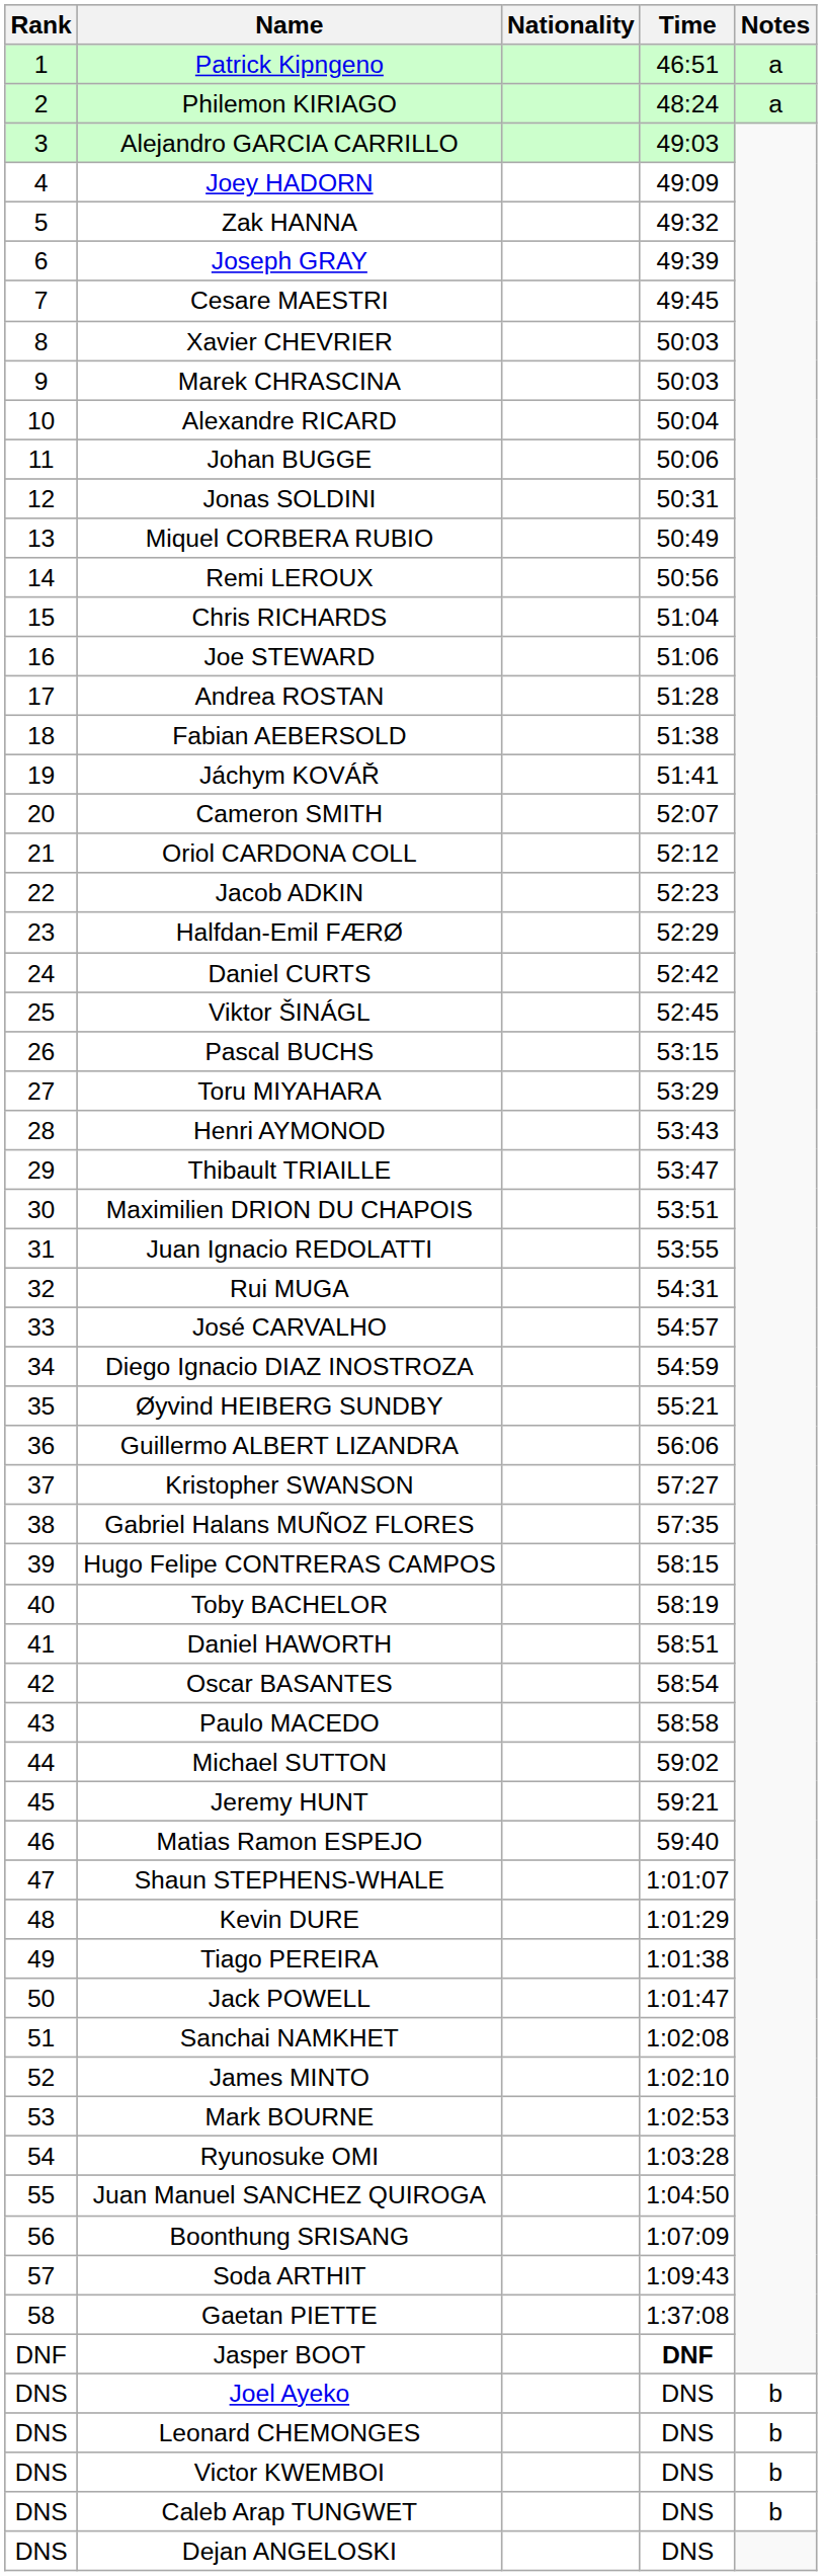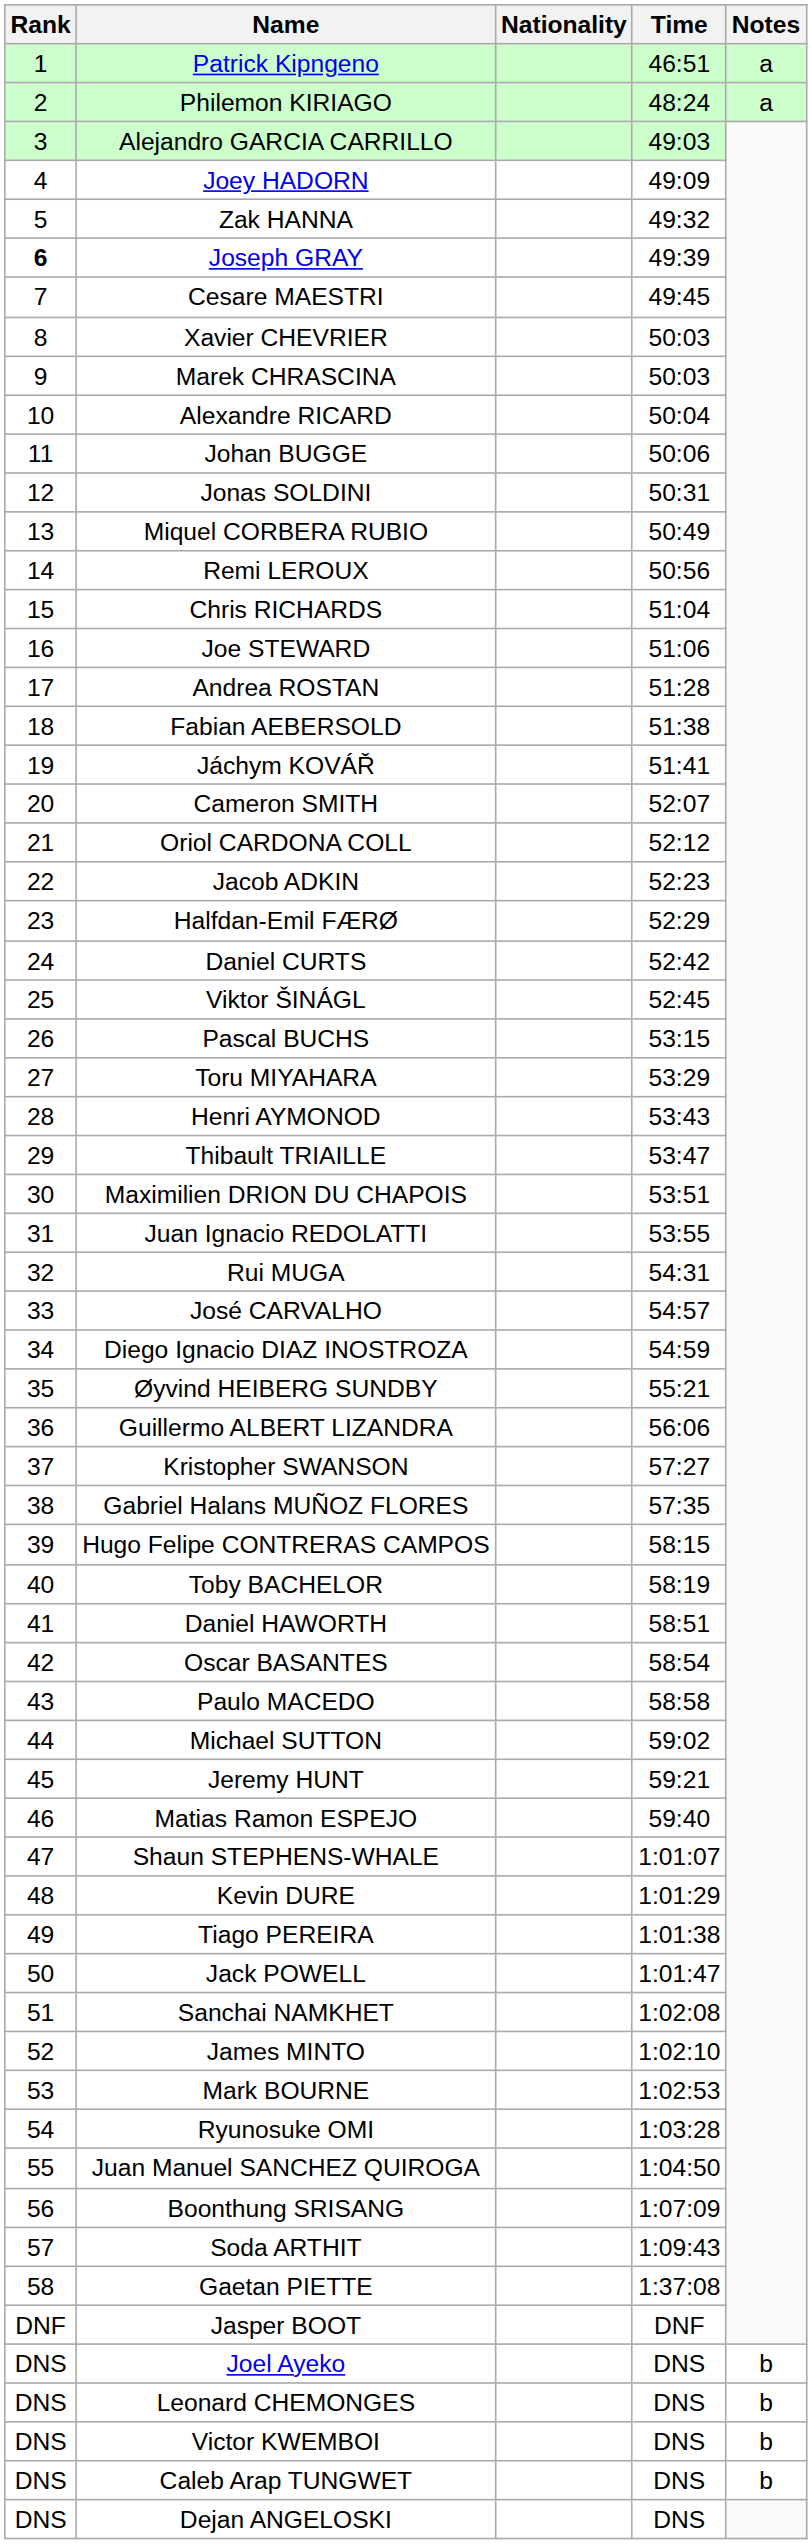 <table class="wikitable sortable" style="text-align:center;font-size:95%">
 <tr>
 <th>Rank</th>
 <th>Name</th>
 <th>Nationality</th>
 <th>Time</th>
 <th>Notes</th>
 </tr>
 <tr bgcolor=ccffcc>
 <td>1</td>
 <td><a href='#'>Patrick Kipngeno</a></td>
 <td></td>
 <td>46:51</td>
 <td>a</td>
 </tr>
 <tr bgcolor=ccffcc>
 <td>2</td>
 <td>Philemon KIRIAGO</td>
 <td></td>
 <td>48:24</td>
 <td>a</td>
 </tr>
 <tr bgcolor=ccffcc>
 <td>3</td>
 <td>Alejandro GARCIA CARRILLO</td>
 <td></td>
 <td>49:03</td>
 </tr>
 <tr bgcolor=FFFFFF>
 <td>4</td>
 <td><a href='#'>Joey HADORN</a></td>
 <td></td>
 <td>49:09</td>
 </tr>
 <tr bgcolor=FFFFFF>
 <td>5</td>
 <td>Zak HANNA</td>
 <td></td>
 <td>49:32</td>
 </tr>
 <tr bgcolor=FFFFFF>
-<td>6</td>
+<td><strong>6</strong></td>
 <td><a href='#'>Joseph GRAY</a></td>
 <td></td>
 <td>49:39</td>
 </tr>
 <tr bgcolor=FFFFFF>
 <td>7</td>
 <td>Cesare MAESTRI</td>
 <td></td>
 <td>49:45</td>
 </tr>
 <tr bgcolor=FFFFFF>
 <td>8</td>
 <td>Xavier CHEVRIER</td>
 <td></td>
 <td>50:03</td>
 </tr>
 <tr bgcolor=FFFFFF>
 <td>9</td>
 <td>Marek CHRASCINA</td>
 <td></td>
 <td>50:03</td>
 </tr>
 <tr bgcolor=FFFFFF>
 <td>10</td>
 <td>Alexandre RICARD</td>
 <td></td>
 <td>50:04</td>
 </tr>
 <tr bgcolor=FFFFFF>
 <td>11</td>
 <td>Johan BUGGE</td>
 <td></td>
 <td>50:06</td>
 </tr>
 <tr bgcolor=FFFFFF>
 <td>12</td>
 <td>Jonas SOLDINI</td>
 <td></td>
 <td>50:31</td>
 </tr>
 <tr bgcolor=FFFFFF>
 <td>13</td>
 <td>Miquel CORBERA RUBIO</td>
 <td></td>
 <td>50:49</td>
 </tr>
 <tr bgcolor=FFFFFF>
 <td>14</td>
 <td>Remi LEROUX</td>
 <td></td>
 <td>50:56</td>
 </tr>
 <tr bgcolor=FFFFFF>
 <td>15</td>
 <td>Chris RICHARDS</td>
 <td></td>
 <td>51:04</td>
 </tr>
 <tr bgcolor=FFFFFF>
 <td>16</td>
 <td>Joe STEWARD</td>
 <td></td>
 <td>51:06</td>
 </tr>
 <tr bgcolor=FFFFFF>
 <td>17</td>
 <td>Andrea ROSTAN</td>
 <td></td>
 <td>51:28</td>
 </tr>
 <tr bgcolor=FFFFFF>
 <td>18</td>
 <td>Fabian AEBERSOLD</td>
 <td></td>
 <td>51:38</td>
 </tr>
 <tr bgcolor=FFFFFF>
 <td>19</td>
 <td>Jáchym KOVÁŘ</td>
 <td></td>
 <td>51:41</td>
 </tr>
 <tr bgcolor=FFFFFF>
 <td>20</td>
 <td>Cameron SMITH</td>
 <td></td>
 <td>52:07</td>
 </tr>
 <tr bgcolor=FFFFFF>
 <td>21</td>
 <td>Oriol CARDONA COLL</td>
 <td></td>
 <td>52:12</td>
 </tr>
 <tr bgcolor=FFFFFF>
 <td>22</td>
 <td>Jacob ADKIN</td>
 <td></td>
 <td>52:23</td>
 </tr>
 <tr bgcolor=FFFFFF>
 <td>23</td>
 <td>Halfdan-Emil FÆRØ</td>
 <td></td>
 <td>52:29</td>
 </tr>
 <tr bgcolor=FFFFFF>
 <td>24</td>
 <td>Daniel CURTS</td>
 <td></td>
 <td>52:42</td>
 </tr>
 <tr bgcolor=FFFFFF>
 <td>25</td>
 <td>Viktor ŠINÁGL</td>
 <td></td>
 <td>52:45</td>
 </tr>
 <tr bgcolor=FFFFFF>
 <td>26</td>
 <td>Pascal BUCHS</td>
 <td></td>
 <td>53:15</td>
 </tr>
 <tr bgcolor=FFFFFF>
 <td>27</td>
 <td>Toru MIYAHARA</td>
 <td></td>
 <td>53:29</td>
 </tr>
 <tr bgcolor=FFFFFF>
 <td>28</td>
 <td>Henri AYMONOD</td>
 <td></td>
 <td>53:43</td>
 </tr>
 <tr bgcolor=FFFFFF>
 <td>29</td>
 <td>Thibault TRIAILLE</td>
 <td></td>
 <td>53:47</td>
 </tr>
 <tr bgcolor=FFFFFF>
 <td>30</td>
 <td>Maximilien DRION DU CHAPOIS</td>
 <td></td>
 <td>53:51</td>
 </tr>
 <tr bgcolor=FFFFFF>
 <td>31</td>
 <td>Juan Ignacio REDOLATTI</td>
 <td></td>
 <td>53:55</td>
 </tr>
 <tr bgcolor=FFFFFF>
 <td>32</td>
 <td>Rui MUGA</td>
 <td></td>
 <td>54:31</td>
 </tr>
 <tr bgcolor=FFFFFF>
 <td>33</td>
 <td>José CARVALHO</td>
 <td></td>
 <td>54:57</td>
 </tr>
 <tr bgcolor=FFFFFF>
 <td>34</td>
 <td>Diego Ignacio DIAZ INOSTROZA</td>
 <td></td>
 <td>54:59</td>
 </tr>
 <tr bgcolor=FFFFFF>
 <td>35</td>
 <td>Øyvind HEIBERG SUNDBY</td>
 <td></td>
 <td>55:21</td>
 </tr>
 <tr bgcolor=FFFFFF>
 <td>36</td>
 <td>Guillermo ALBERT LIZANDRA</td>
 <td></td>
 <td>56:06</td>
 </tr>
 <tr bgcolor=FFFFFF>
 <td>37</td>
 <td>Kristopher SWANSON</td>
 <td></td>
 <td>57:27</td>
 </tr>
 <tr bgcolor=FFFFFF>
 <td>38</td>
 <td>Gabriel Halans MUÑOZ FLORES</td>
 <td></td>
 <td>57:35</td>
 </tr>
 <tr bgcolor=FFFFFF>
 <td>39</td>
 <td>Hugo Felipe CONTRERAS CAMPOS</td>
 <td></td>
 <td>58:15</td>
 </tr>
 <tr bgcolor=FFFFFF>
 <td>40</td>
 <td>Toby BACHELOR</td>
 <td></td>
 <td>58:19</td>
 </tr>
 <tr bgcolor=FFFFFF>
 <td>41</td>
 <td>Daniel HAWORTH</td>
 <td></td>
 <td>58:51</td>
 </tr>
 <tr bgcolor=FFFFFF>
 <td>42</td>
 <td>Oscar BASANTES</td>
 <td></td>
 <td>58:54</td>
 </tr>
 <tr bgcolor=FFFFFF>
 <td>43</td>
 <td>Paulo MACEDO</td>
 <td></td>
 <td>58:58</td>
 </tr>
 <tr bgcolor=FFFFFF>
 <td>44</td>
 <td>Michael SUTTON</td>
 <td></td>
 <td>59:02</td>
 </tr>
 <tr bgcolor=FFFFFF>
 <td>45</td>
 <td>Jeremy HUNT</td>
 <td></td>
 <td>59:21</td>
 </tr>
 <tr bgcolor=FFFFFF>
 <td>46</td>
 <td>Matias Ramon ESPEJO</td>
 <td></td>
 <td>59:40</td>
 </tr>
 <tr bgcolor=FFFFFF>
 <td>47</td>
 <td>Shaun STEPHENS-WHALE</td>
 <td></td>
 <td>1:01:07</td>
 </tr>
 <tr bgcolor=FFFFFF>
 <td>48</td>
 <td>Kevin DURE</td>
 <td></td>
 <td>1:01:29</td>
 </tr>
 <tr bgcolor=FFFFFF>
 <td>49</td>
 <td>Tiago PEREIRA</td>
 <td></td>
 <td>1:01:38</td>
 </tr>
 <tr bgcolor=FFFFFF>
 <td>50</td>
 <td>Jack POWELL</td>
 <td></td>
 <td>1:01:47</td>
 </tr>
 <tr bgcolor=FFFFFF>
 <td>51</td>
 <td>Sanchai NAMKHET</td>
 <td></td>
 <td>1:02:08</td>
 </tr>
 <tr bgcolor=FFFFFF>
 <td>52</td>
 <td>James MINTO</td>
 <td></td>
 <td>1:02:10</td>
 </tr>
 <tr bgcolor=FFFFFF>
 <td>53</td>
 <td>Mark BOURNE</td>
 <td></td>
 <td>1:02:53</td>
 </tr>
 <tr bgcolor=FFFFFF>
 <td>54</td>
 <td>Ryunosuke OMI</td>
 <td></td>
 <td>1:03:28</td>
 </tr>
 <tr bgcolor=FFFFFF>
 <td>55</td>
 <td>Juan Manuel SANCHEZ QUIROGA</td>
 <td></td>
 <td>1:04:50</td>
 </tr>
 <tr bgcolor=FFFFFF>
 <td>56</td>
 <td>Boonthung SRISANG</td>
 <td></td>
 <td>1:07:09</td>
 </tr>
 <tr bgcolor=FFFFFF>
 <td>57</td>
 <td>Soda ARTHIT</td>
 <td></td>
 <td>1:09:43</td>
 </tr>
 <tr bgcolor=FFFFFF>
 <td>58</td>
 <td>Gaetan PIETTE</td>
 <td></td>
 <td>1:37:08</td>
 </tr>
 <tr bgcolor=FFFFFF>
 <td>DNF</td>
 <td>Jasper BOOT</td>
 <td></td>
-<td><strong>DNF</strong></td>
+<td>DNF</td>
 </tr>
 <tr bgcolor=FFFFFF>
 <td>DNS</td>
 <td><a href='#'>Joel Ayeko</a></td>
 <td></td>
 <td>DNS</td>
 <td>b</td>
 </tr>
 <tr bgcolor=FFFFFF>
 <td>DNS</td>
 <td>Leonard CHEMONGES</td>
 <td></td>
 <td>DNS</td>
 <td>b</td>
 </tr>
 <tr bgcolor=FFFFFF>
 <td>DNS</td>
 <td>Victor KWEMBOI</td>
 <td></td>
 <td>DNS</td>
 <td>b</td>
 </tr>
 <tr bgcolor=FFFFFF>
 <td>DNS</td>
 <td>Caleb Arap TUNGWET</td>
 <td></td>
 <td>DNS</td>
 <td>b</td>
 </tr>
 <tr bgcolor=FFFFFF>
 <td>DNS</td>
 <td>Dejan ANGELOSKI</td>
 <td></td>
 <td>DNS</td>
 </tr>
 </table>
